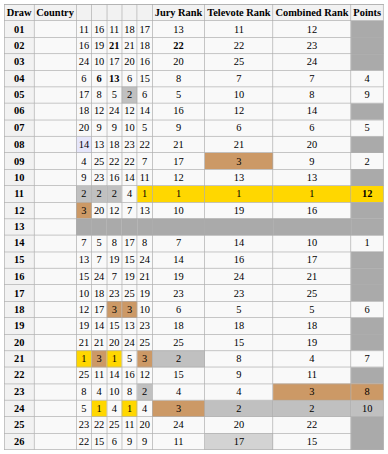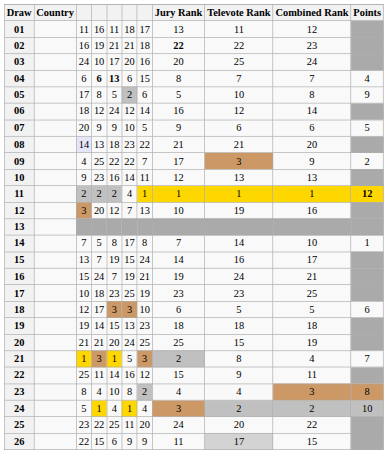 <table class="sortable wikitable collapsible plainrowheaders" style="text-align:center;">
 <tr>
 </tr>
 <tr>
 <th scope="col">Draw</th>
 <th scope="col">Country</th>
 <th scope="col"><small></small></th>
 <th scope="col"><small></small></th>
 <th scope="col"><small></small></th>
 <th scope="col"><small></small></th>
 <th scope="col"><small></small></th>
 <th scope="col">Jury Rank</th>
 <th scope="col">Televote Rank</th>
 <th scope="col">Combined Rank</th>
 <th scope="col">Points</th>
 </tr>
 <tr>
 <th scope="row" style="text-align:center;">01</th>
 <td style="text-align:left;"></td>
 <td>11</td>
 <td>16</td>
 <td>11</td>
 <td>18</td>
 <td>17</td>
 <td>13</td>
 <td>11</td>
 <td>12</td>
 <td style="background:#AAAAAA;"></td>
 </tr>
 <tr>
 <th scope="row" style="text-align:center;">02</th>
 <td style="text-align:left;"></td>
 <td>16</td>
 <td>19</td>
-<td><strong>21</strong></td>
+<td>21</td>
 <td>21</td>
 <td>18</td>
 <td><strong>22</strong></td>
 <td>22</td>
 <td>23</td>
 <td style="background:#AAAAAA;"></td>
 </tr>
 <tr>
 <th scope="row" style="text-align:center;">03</th>
 <td style="text-align:left;"></td>
 <td>24</td>
 <td>10</td>
 <td>17</td>
 <td>20</td>
 <td>16</td>
 <td>20</td>
 <td>25</td>
 <td>24</td>
 <td style="background:#AAAAAA;"></td>
 </tr>
 <tr>
 <th scope="row" style="text-align:center;">04</th>
 <td style="text-align:left;"></td>
 <td>6</td>
 <td><strong>6</strong></td>
 <td><strong>13</strong></td>
 <td>6</td>
 <td>15</td>
 <td>8</td>
 <td>7</td>
 <td>7</td>
 <td>4</td>
 </tr>
 <tr>
 <th scope="row" style="text-align:center;">05</th>
 <td style="text-align:left;"></td>
 <td>17</td>
 <td>8</td>
 <td>5</td>
 <td style="background:silver;">2</td>
 <td>6</td>
 <td>5</td>
 <td>10</td>
 <td>8</td>
 <td>9</td>
 </tr>
 <tr>
 <th scope="row" style="text-align:center;">06</th>
 <td style="text-align:left;"></td>
 <td>18</td>
 <td>12</td>
 <td>24</td>
 <td>12</td>
 <td>14</td>
 <td>16</td>
 <td>12</td>
 <td>14</td>
 <td style="background:#AAAAAA;"></td>
 </tr>
 <tr>
 <th scope="row" style="text-align:center;">07</th>
 <td style="text-align:left;"></td>
 <td>20</td>
 <td>9</td>
 <td>9</td>
 <td>10</td>
 <td>5</td>
 <td>9</td>
 <td>6</td>
 <td>6</td>
 <td>5</td>
 </tr>
 <tr>
 <th scope="row" style="text-align:center;">08</th>
 <td style="text-align:left;"></td>
 <td style="background: lavender;">14</td>
 <td>13</td>
 <td>18</td>
 <td>23</td>
 <td>22</td>
 <td>21</td>
 <td>21</td>
 <td>20</td>
 <td style="background:#AAAAAA;"></td>
 </tr>
 <tr>
 <th scope="row" style="text-align:center;">09</th>
 <td style="text-align:left;"></td>
 <td>4</td>
 <td>25</td>
 <td>22</td>
 <td>22</td>
 <td>7</td>
 <td>17</td>
 <td style="background:#CC9966;">3</td>
 <td>9</td>
 <td>2</td>
 </tr>
 <tr>
 <th scope="row" style="text-align:center;">10</th>
 <td style="text-align:left;"></td>
 <td>9</td>
 <td>23</td>
 <td>16</td>
 <td>14</td>
 <td>11</td>
 <td>12</td>
 <td>13</td>
 <td>13</td>
 <td style="background:#AAAAAA;"></td>
 </tr>
 <tr>
 <th scope="row" style="text-align:center;">11</th>
 <td style="text-align:left;"></td>
 <td style="background:silver;">2</td>
 <td style="background:silver;">2</td>
 <td style="background:silver;">2</td>
 <td>4</td>
 <td style="background:gold;">1</td>
 <td style="background:gold;">1</td>
 <td style="background:gold;">1</td>
 <td style="background:gold;">1</td>
 <td style="background:gold;"><strong>12</strong></td>
 </tr>
 <tr>
 <th scope="row" style="text-align:center;">12</th>
 <td style="text-align:left;"></td>
 <td style="background:#CC9966;">3</td>
 <td>20</td>
 <td>12</td>
 <td>7</td>
 <td>13</td>
 <td>10</td>
 <td>19</td>
 <td>16</td>
 <td style="background:#AAAAAA;"></td>
 </tr>
 <tr class="sortbottom">
 <th scope="row" style="text-align:center;">13</th>
 <td style="text-align:left;"></td>
 <td style="background:#AAAAAA;"></td>
 <td style="background:#AAAAAA;"></td>
 <td style="background:#AAAAAA;"></td>
 <td style="background:#AAAAAA;"></td>
 <td style="background:#AAAAAA;"></td>
 <td style="background:#AAAAAA;"></td>
 <td style="background:#AAAAAA;"></td>
 <td style="background:#AAAAAA;"></td>
 <td style="background:#AAAAAA;"></td>
 </tr>
 <tr>
 <th scope="row" style="text-align:center;">14</th>
 <td style="text-align:left;"></td>
 <td>7</td>
 <td>5</td>
 <td>8</td>
 <td>17</td>
 <td>8</td>
 <td>7</td>
 <td>14</td>
 <td>10</td>
 <td>1</td>
 </tr>
 <tr>
 <th scope="row" style="text-align:center;">15</th>
 <td style="text-align:left;"></td>
 <td>13</td>
 <td>7</td>
 <td>19</td>
 <td>15</td>
 <td>24</td>
 <td>14</td>
 <td>16</td>
 <td>17</td>
 <td style="background:#AAAAAA;"></td>
 </tr>
 <tr>
 <th scope="row" style="text-align:center;">16</th>
 <td style="text-align:left;"></td>
 <td>15</td>
 <td>24</td>
 <td>7</td>
 <td>19</td>
 <td>21</td>
 <td>19</td>
 <td>24</td>
 <td>21</td>
 <td style="background:#AAAAAA;"></td>
 </tr>
 <tr>
 <th scope="row" style="text-align:center;">17</th>
 <td style="text-align:left;"></td>
 <td>10</td>
 <td>18</td>
 <td>23</td>
 <td>25</td>
 <td>19</td>
 <td>23</td>
 <td>23</td>
 <td>25</td>
 <td style="background:#AAAAAA;"></td>
 </tr>
 <tr>
 <th scope="row" style="text-align:center;">18</th>
 <td style="text-align:left;"></td>
 <td>12</td>
 <td>17</td>
 <td style="background:#CC9966;">3</td>
 <td style="background:#CC9966;">3</td>
 <td>10</td>
 <td>6</td>
 <td>5</td>
 <td>5</td>
 <td>6</td>
 </tr>
 <tr>
 <th scope="row" style="text-align:center;">19</th>
 <td style="text-align:left;"></td>
 <td>19</td>
 <td>14</td>
 <td>15</td>
 <td>13</td>
 <td>23</td>
 <td>18</td>
 <td>18</td>
 <td>18</td>
 <td style="background:#AAAAAA;"></td>
 </tr>
 <tr>
 <th scope="row" style="text-align:center;">20</th>
 <td style="text-align:left;"></td>
 <td>21</td>
 <td>21</td>
 <td>20</td>
 <td>24</td>
 <td>25</td>
 <td>25</td>
 <td>15</td>
 <td>19</td>
 <td style="background:#AAAAAA;"></td>
 </tr>
 <tr>
 <th scope="row" style="text-align:center;">21</th>
 <td style="text-align:left;"></td>
 <td style="background:gold;">1</td>
 <td style="background:#CC9966;">3</td>
 <td style="background:gold;">1</td>
 <td>5</td>
 <td style="background:#CC9966;">3</td>
 <td style="background:silver;">2</td>
 <td>8</td>
 <td>4</td>
 <td>7</td>
 </tr>
 <tr>
 <th scope="row" style="text-align:center;">22</th>
 <td style="text-align:left;"></td>
 <td>25</td>
 <td>11</td>
 <td>14</td>
 <td>16</td>
 <td>12</td>
 <td>15</td>
 <td>9</td>
 <td>11</td>
 <td style="background:#AAAAAA;"></td>
 </tr>
 <tr>
 <th scope="row" style="text-align:center;">23</th>
 <td style="text-align:left;"></td>
 <td>8</td>
 <td>4</td>
 <td>10</td>
 <td>8</td>
 <td style="background:silver;">2</td>
 <td>4</td>
 <td>4</td>
 <td style="background:#CC9966;">3</td>
 <td style="background:#CC9966;">8</td>
 </tr>
 <tr>
 <th scope="row" style="text-align:center;">24</th>
 <td style="text-align:left;"></td>
 <td>5</td>
 <td style="background:gold;">1</td>
 <td>4</td>
 <td style="background:gold;">1</td>
 <td>4</td>
 <td style="background:#CC9966;">3</td>
 <td style="background:silver;">2</td>
 <td style="background:silver;">2</td>
 <td style="background:silver;">10</td>
 </tr>
 <tr>
 <th scope="row" style="text-align:center;">25</th>
 <td style="text-align:left;"></td>
 <td>23</td>
 <td>22</td>
 <td>25</td>
 <td>11</td>
 <td>20</td>
 <td>24</td>
 <td>20</td>
 <td>22</td>
 <td style="background:#AAAAAA;"></td>
 </tr>
 <tr>
 <th scope="row" style="text-align:center;">26</th>
 <td style="text-align:left;"></td>
 <td>22</td>
 <td>15</td>
 <td>6</td>
 <td>9</td>
 <td>9</td>
 <td>11</td>
 <td style="background: lightgrey;">17</td>
 <td>15</td>
 <td style="background:#AAAAAA;"></td>
 </tr>
 </table>
